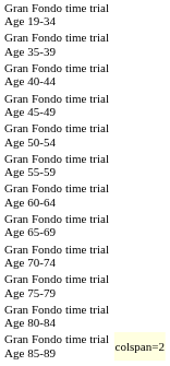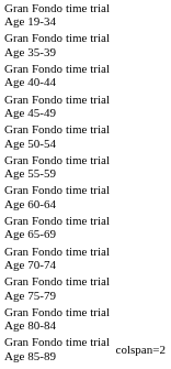 <table>
 <tr>
 <td>Gran Fondo time trial<br>Age 19-34</td>
 <td></td>
 <td></td>
 <td></td>
 </tr>
 <tr>
 <td>Gran Fondo time trial<br>Age 35-39</td>
 <td></td>
 <td></td>
 <td></td>
 </tr>
 <tr>
 <td>Gran Fondo time trial<br>Age 40-44</td>
 <td></td>
 <td></td>
 <td></td>
 </tr>
 <tr>
 <td>Gran Fondo time trial<br>Age 45-49</td>
 <td></td>
 <td></td>
 <td></td>
 </tr>
 <tr>
 <td>Gran Fondo time trial<br>Age 50-54</td>
 <td></td>
 <td></td>
 <td></td>
 </tr>
 <tr>
 <td>Gran Fondo time trial<br>Age 55-59</td>
 <td></td>
 <td></td>
 <td></td>
 </tr>
 <tr>
 <td>Gran Fondo time trial<br>Age 60-64</td>
 <td></td>
 <td></td>
 <td></td>
 </tr>
 <tr>
 <td>Gran Fondo time trial<br>Age 65-69</td>
 <td></td>
 <td></td>
 <td></td>
 </tr>
 <tr>
 <td>Gran Fondo time trial<br>Age 70-74</td>
 <td></td>
 <td></td>
 <td></td>
 </tr>
 <tr>
 <td>Gran Fondo time trial<br>Age 75-79</td>
 <td></td>
 <td></td>
 <td></td>
 </tr>
 <tr>
 <td>Gran Fondo time trial<br>Age 80-84</td>
 <td></td>
 <td></td>
 <td></td>
 </tr>
 <tr>
 <td>Gran Fondo time trial<br>Age 85-89</td>
 <td></td>
-<td style="background: lightyellow;">colspan=2 </td>
+<td>colspan=2 </td>
 </tr>
 </table>
